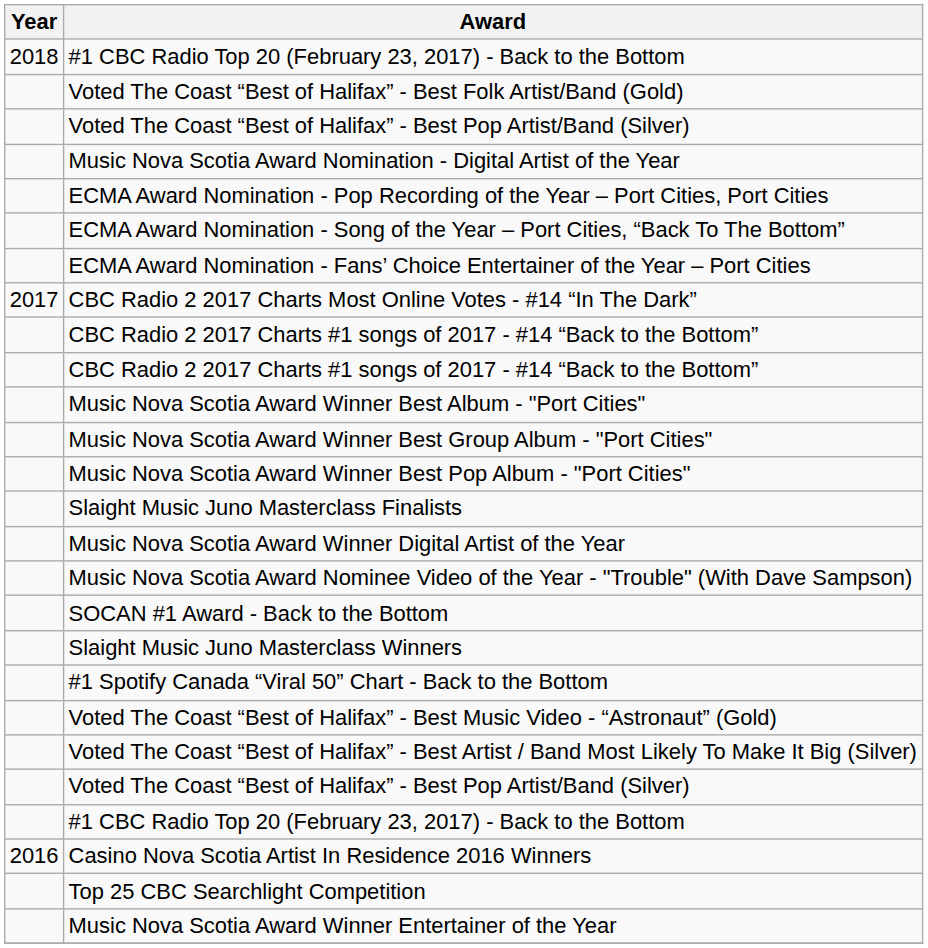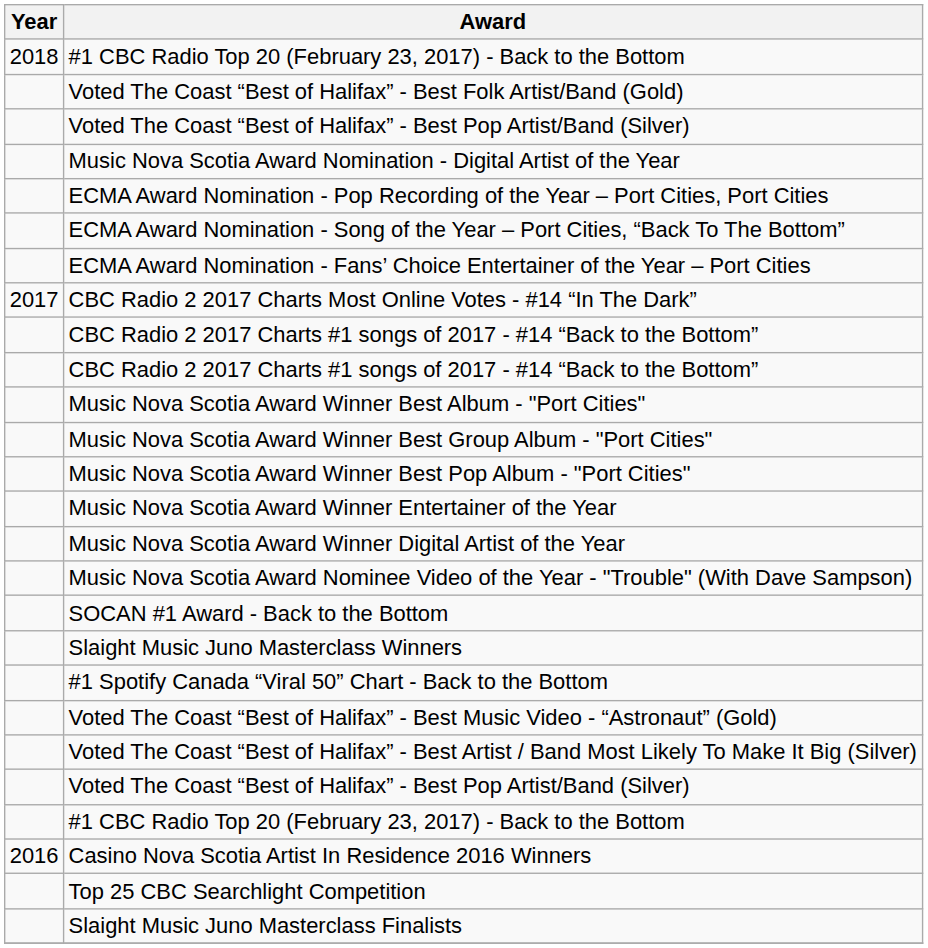 <table class="wikitable">
 <tr>
 <th>Year</th>
 <th>Award</th>
 </tr>
 <tr>
 <td>2018</td>
 <td>#1 CBC Radio Top 20 (February 23, 2017) - Back to the Bottom</td>
 </tr>
 <tr>
 <td></td>
 <td>Voted The Coast “Best of Halifax” - Best Folk Artist/Band (Gold)</td>
 </tr>
 <tr>
 <td></td>
 <td>Voted The Coast “Best of Halifax” - Best Pop Artist/Band (Silver)</td>
 </tr>
 <tr>
 <td></td>
 <td>Music Nova Scotia Award Nomination - Digital Artist of the Year</td>
 </tr>
 <tr>
 <td></td>
 <td>ECMA Award Nomination - Pop Recording of the Year – Port Cities, Port Cities</td>
 </tr>
 <tr>
 <td></td>
 <td>ECMA Award Nomination - Song of the Year – Port Cities, “Back To The Bottom”</td>
 </tr>
 <tr>
 <td></td>
 <td>ECMA Award Nomination - Fans’ Choice Entertainer of the Year – Port Cities</td>
 </tr>
 <tr>
 <td>2017</td>
 <td>CBC Radio 2 2017 Charts Most Online Votes - #14 “In The Dark”</td>
 </tr>
 <tr>
 <td></td>
 <td>CBC Radio 2 2017 Charts #1 songs of 2017 - #14 “Back to the Bottom”</td>
 </tr>
 <tr>
 <td></td>
 <td>CBC Radio 2 2017 Charts #1 songs of 2017 - #14 “Back to the Bottom”</td>
 </tr>
 <tr>
 <td></td>
 <td>Music Nova Scotia Award Winner Best Album - "Port Cities"</td>
 </tr>
 <tr>
 <td></td>
 <td>Music Nova Scotia Award Winner Best Group Album - "Port Cities"</td>
 </tr>
 <tr>
 <td></td>
 <td>Music Nova Scotia Award Winner Best Pop Album - "Port Cities"</td>
 </tr>
 <tr>
 <td></td>
-<td>Slaight Music Juno Masterclass Finalists</td>
+<td>Music Nova Scotia Award Winner Entertainer of the Year</td>
 </tr>
 <tr>
 <td></td>
 <td>Music Nova Scotia Award Winner Digital Artist of the Year</td>
 </tr>
 <tr>
 <td></td>
 <td>Music Nova Scotia Award Nominee Video of the Year - "Trouble" (With Dave Sampson)</td>
 </tr>
 <tr>
 <td></td>
 <td>SOCAN #1 Award - Back to the Bottom</td>
 </tr>
 <tr>
 <td></td>
 <td>Slaight Music Juno Masterclass Winners</td>
 </tr>
 <tr>
 <td></td>
 <td>#1 Spotify Canada “Viral 50” Chart - Back to the Bottom</td>
 </tr>
 <tr>
 <td></td>
 <td>Voted The Coast “Best of Halifax” -  Best Music Video - “Astronaut” (Gold)</td>
 </tr>
 <tr>
 <td></td>
 <td>Voted The Coast “Best of Halifax” - Best Artist / Band Most Likely To Make It Big (Silver)</td>
 </tr>
 <tr>
 <td></td>
 <td>Voted The Coast “Best of Halifax” - Best Pop Artist/Band (Silver)</td>
 </tr>
 <tr>
 <td></td>
 <td>#1 CBC Radio Top 20 (February 23, 2017) - Back to the Bottom</td>
 </tr>
 <tr>
 <td>2016</td>
 <td>Casino Nova Scotia Artist In Residence 2016 Winners</td>
 </tr>
 <tr>
 <td></td>
 <td>Top 25 CBC Searchlight Competition</td>
 </tr>
 <tr>
 <td></td>
-<td>Music Nova Scotia Award Winner Entertainer of the Year</td>
+<td>Slaight Music Juno Masterclass Finalists</td>
 </tr>
 <tr>
 </tr>
 </table>
